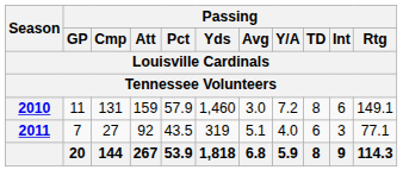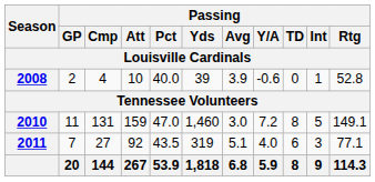 <table class="wikitable" style="text-align:center;">
 <tr>
 <th rowspan="2">Season</th>
 <th colspan="10">Passing</th>
 </tr>
 <tr>
 <th>GP</th>
 <th>Cmp</th>
 <th>Att</th>
 <th>Pct</th>
 <th>Yds</th>
 <th>Avg</th>
 <th>Y/A</th>
 <th>TD</th>
 <th>Int</th>
 <th>Rtg</th>
 </tr>
 <tr>
 <th colspan="11">Louisville Cardinals</th>
 </tr>
 <tr>
+<th><a href='#'>2008</a></th>
+<td>2</td>
+<td>4</td>
+<td>10</td>
+<td>40.0</td>
+<td>39</td>
+<td>3.9</td>
+<td>-0.6</td>
+<td>0</td>
+<td>1</td>
+<td>52.8</td>
+</tr>
+<tr>
 <th colspan="11">Tennessee Volunteers</th>
 </tr>
 <tr>
 <th><a href='#'>2010</a></th>
 <td>11</td>
 <td>131</td>
 <td>159</td>
-<td>57.9</td>
+<td>47.0</td>
 <td>1,460</td>
 <td>3.0</td>
 <td>7.2</td>
 <td>8</td>
-<td>6</td>
+<td>5</td>
 <td>149.1</td>
 </tr>
 <tr>
 <th><a href='#'>2011</a></th>
 <td>7</td>
 <td>27</td>
 <td>92</td>
 <td>43.5</td>
 <td>319</td>
 <td>5.1</td>
 <td>4.0</td>
 <td>6</td>
 <td>3</td>
 <td>77.1</td>
 </tr>
 <tr>
 <th></th>
 <th>20</th>
 <th>144</th>
 <th>267</th>
 <th>53.9</th>
 <th>1,818</th>
 <th>6.8</th>
 <th>5.9</th>
 <th>8</th>
 <th>9</th>
 <th>114.3</th>
 </tr>
 </table>
